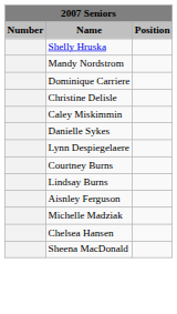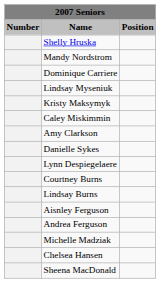 <table class="wikitable" style="text-align:left; font-size:90%;">
 <tr>
 <th style=background:grey colspan=3>2007 Seniors</th>
 </tr>
 <tr>
 <th width=10 style="background:silver;">Number</th>
 <th style="background:silver;">Name</th>
 <th style="background:silver;">Position</th>
 </tr>
 <tr>
 <th></th>
 <td><a href='#'>Shelly Hruska</a></td>
 <td></td>
 </tr>
 <tr>
 <th></th>
 <td>Mandy Nordstrom</td>
 <td></td>
 </tr>
 <tr>
 <th></th>
 <td>Dominique Carriere</td>
 <td></td>
 </tr>
 <tr>
 <th></th>
-<td>Christine Delisle</td>
+<td>Lindsay Myseniuk</td>
+<td></td>
+</tr>
+<tr>
+<th></th>
+<td>Kristy Maksymyk</td>
 <td></td>
 </tr>
 <tr>
 <th></th>
 <td>Caley Miskimmin</td>
+<td></td>
+</tr>
+<tr>
+<th></th>
+<td>Amy Clarkson</td>
 <td></td>
 </tr>
 <tr>
 <th></th>
 <td>Danielle Sykes</td>
 <td></td>
 </tr>
 <tr>
 <th></th>
 <td>Lynn Despiegelaere</td>
 <td></td>
 </tr>
 <tr>
 <th></th>
 <td>Courtney Burns</td>
 <td></td>
 </tr>
 <tr>
 <th></th>
 <td>Lindsay Burns</td>
 <td></td>
 </tr>
 <tr>
 <th></th>
 <td>Aisnley Ferguson</td>
 <td></td>
 </tr>
 <tr>
 <th></th>
+<td>Andrea Ferguson</td>
+<td></td>
+</tr>
+<tr>
+<th></th>
 <td>Michelle Madziak</td>
 <td></td>
 </tr>
 <tr>
 <th></th>
 <td>Chelsea Hansen</td>
 <td></td>
 </tr>
 <tr>
 <th></th>
 <td>Sheena MacDonald</td>
 <td></td>
 </tr>
 </table>
